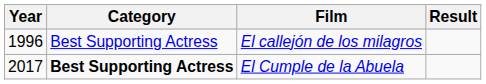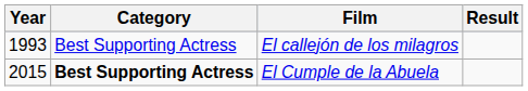 <table class="wikitable">
 <tr style="background:#b0c4de;">
 <th>Year</th>
 <th>Category</th>
 <th>Film</th>
 <th>Result</th>
 </tr>
 <tr>
-<td>1996</td>
+<td>1993</td>
 <td><a href='#'>Best Supporting Actress</a></td>
 <td><em><a href='#'>El callejón de los milagros</a></em></td>
 <td></td>
 </tr>
 <tr>
-<td>2017</td>
+<td>2015</td>
 <td><strong>Best Supporting Actress</strong></td>
 <td><em><a href='#'>El Cumple de la Abuela</a></em></td>
 <td></td>
 </tr>
 </table>
